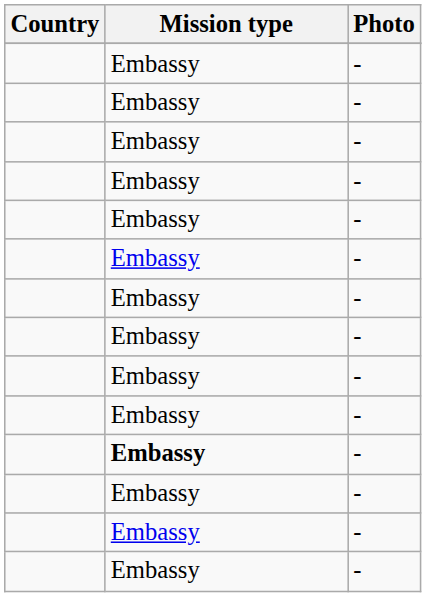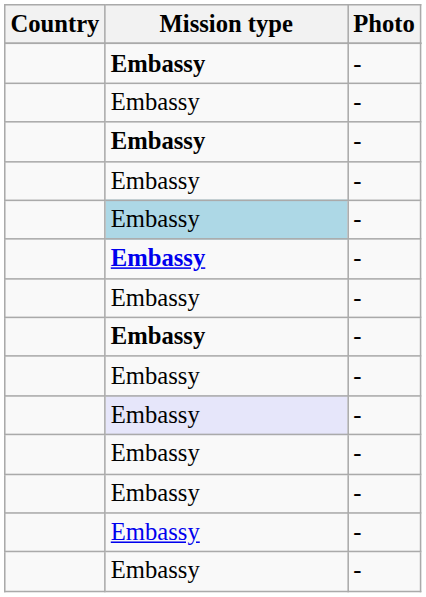 <table class="wikitable sortable">
 <tr valign="middle">
 <th>Country</th>
 <th width=150px>Mission type</th>
 <th>Photo</th>
 </tr>
 <tr style="font-weight:bold; background-color: #DDDDDD">
 </tr>
 <tr>
 <td></td>
-<td>Embassy</td>
-<td> -</td>
-</tr>
-<tr>
-<td></td>
-<td>Embassy</td>
-<td> -</td>
-</tr>
-<tr>
-<td></td>
-<td>Embassy</td>
-<td>-</td>
-</tr>
-<tr>
-<td></td>
-<td>Embassy</td>
-<td> -</td>
-</tr>
-<tr>
-<td></td>
-<td>Embassy</td>
-<td> -</td>
-</tr>
-<tr>
-<td></td>
-<td><a href='#'>Embassy</a></td>
-<td> -</td>
-</tr>
-<tr>
-<td></td>
-<td>Embassy</td>
-<td>-</td>
-</tr>
-<tr>
-<td></td>
-<td>Embassy</td>
-<td>-</td>
-</tr>
-<tr>
-<td></td>
-<td>Embassy</td>
+<td><strong>Embassy</strong></td>
 <td> -</td>
 </tr>
 <tr>
 <td></td>
 <td>Embassy</td>
 <td> -</td>
 </tr>
 <tr>
 <td></td>
 <td><strong>Embassy</strong></td>
+<td>-</td>
+</tr>
+<tr>
+<td></td>
+<td>Embassy</td>
+<td> -</td>
+</tr>
+<tr>
+<td></td>
+<td style="background: lightblue;">Embassy</td>
+<td> -</td>
+</tr>
+<tr>
+<td></td>
+<td><strong><a href='#'>Embassy</a></strong></td>
+<td> -</td>
+</tr>
+<tr>
+<td></td>
+<td>Embassy</td>
+<td>-</td>
+</tr>
+<tr>
+<td></td>
+<td><strong>Embassy</strong></td>
+<td>-</td>
+</tr>
+<tr>
+<td></td>
+<td>Embassy</td>
+<td> -</td>
+</tr>
+<tr>
+<td></td>
+<td style="background: lavender;">Embassy</td>
+<td> -</td>
+</tr>
+<tr>
+<td></td>
+<td>Embassy</td>
 <td> -</td>
 </tr>
 <tr>
 <td></td>
 <td>Embassy</td>
 <td>-</td>
 </tr>
 <tr>
 <td></td>
 <td><a href='#'>Embassy</a></td>
 <td> -</td>
 </tr>
 <tr>
 <td></td>
 <td>Embassy</td>
 <td> -</td>
 </tr>
 </table>
